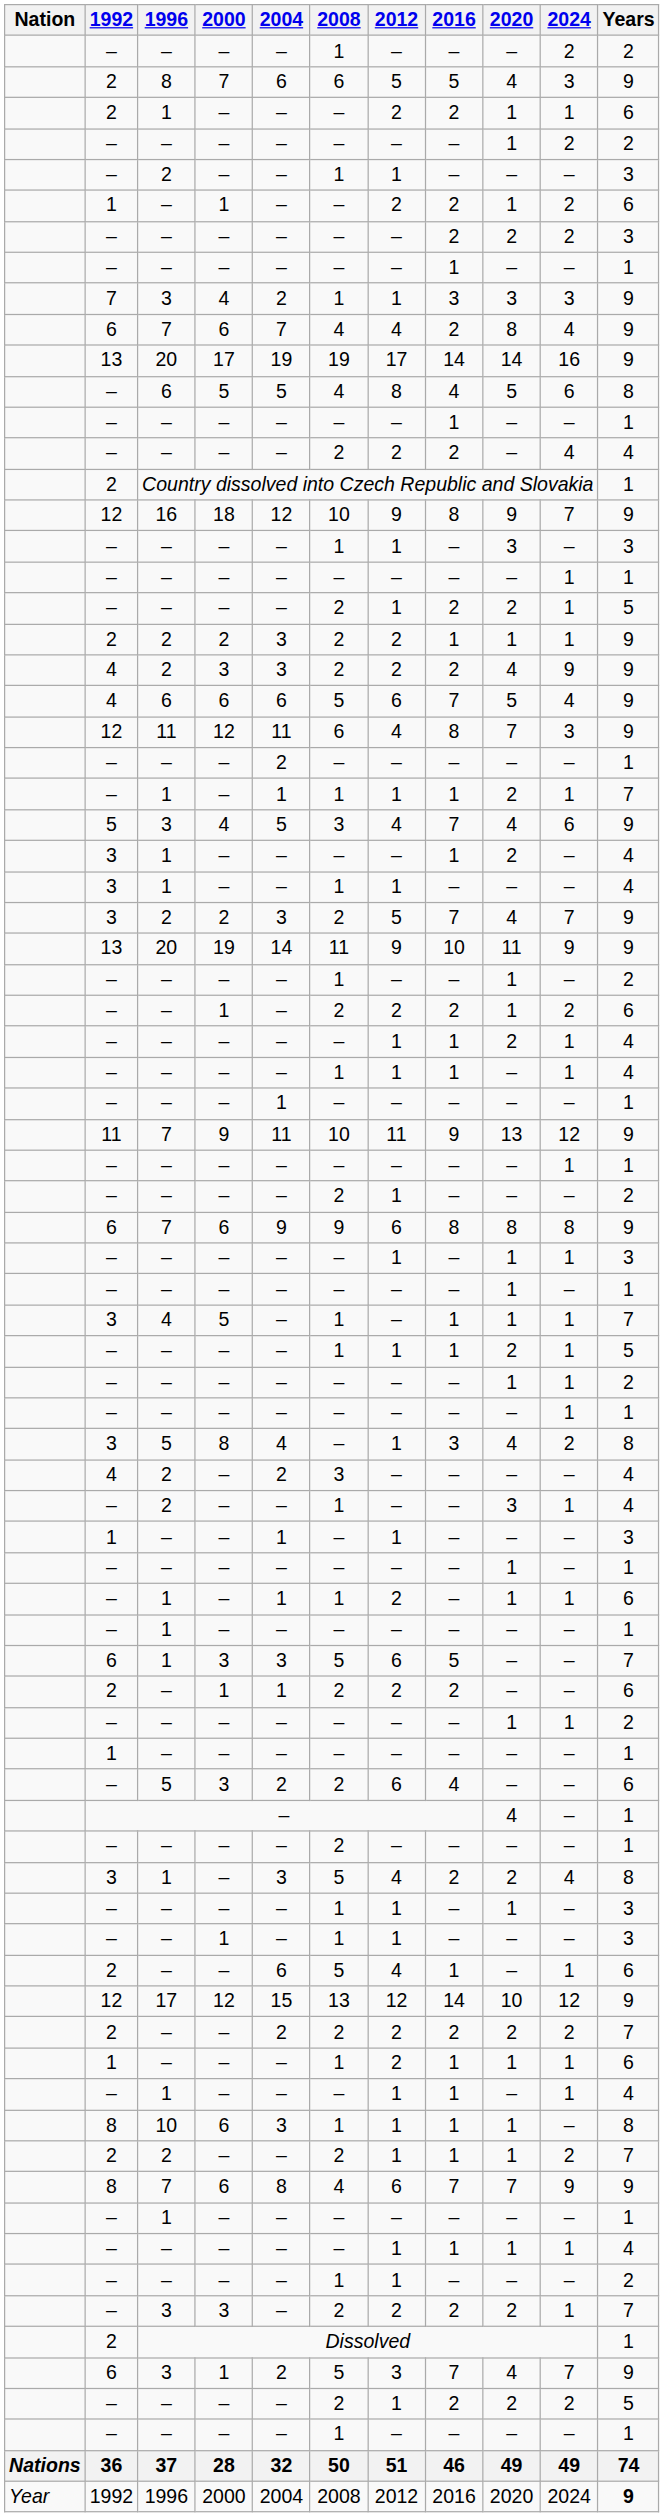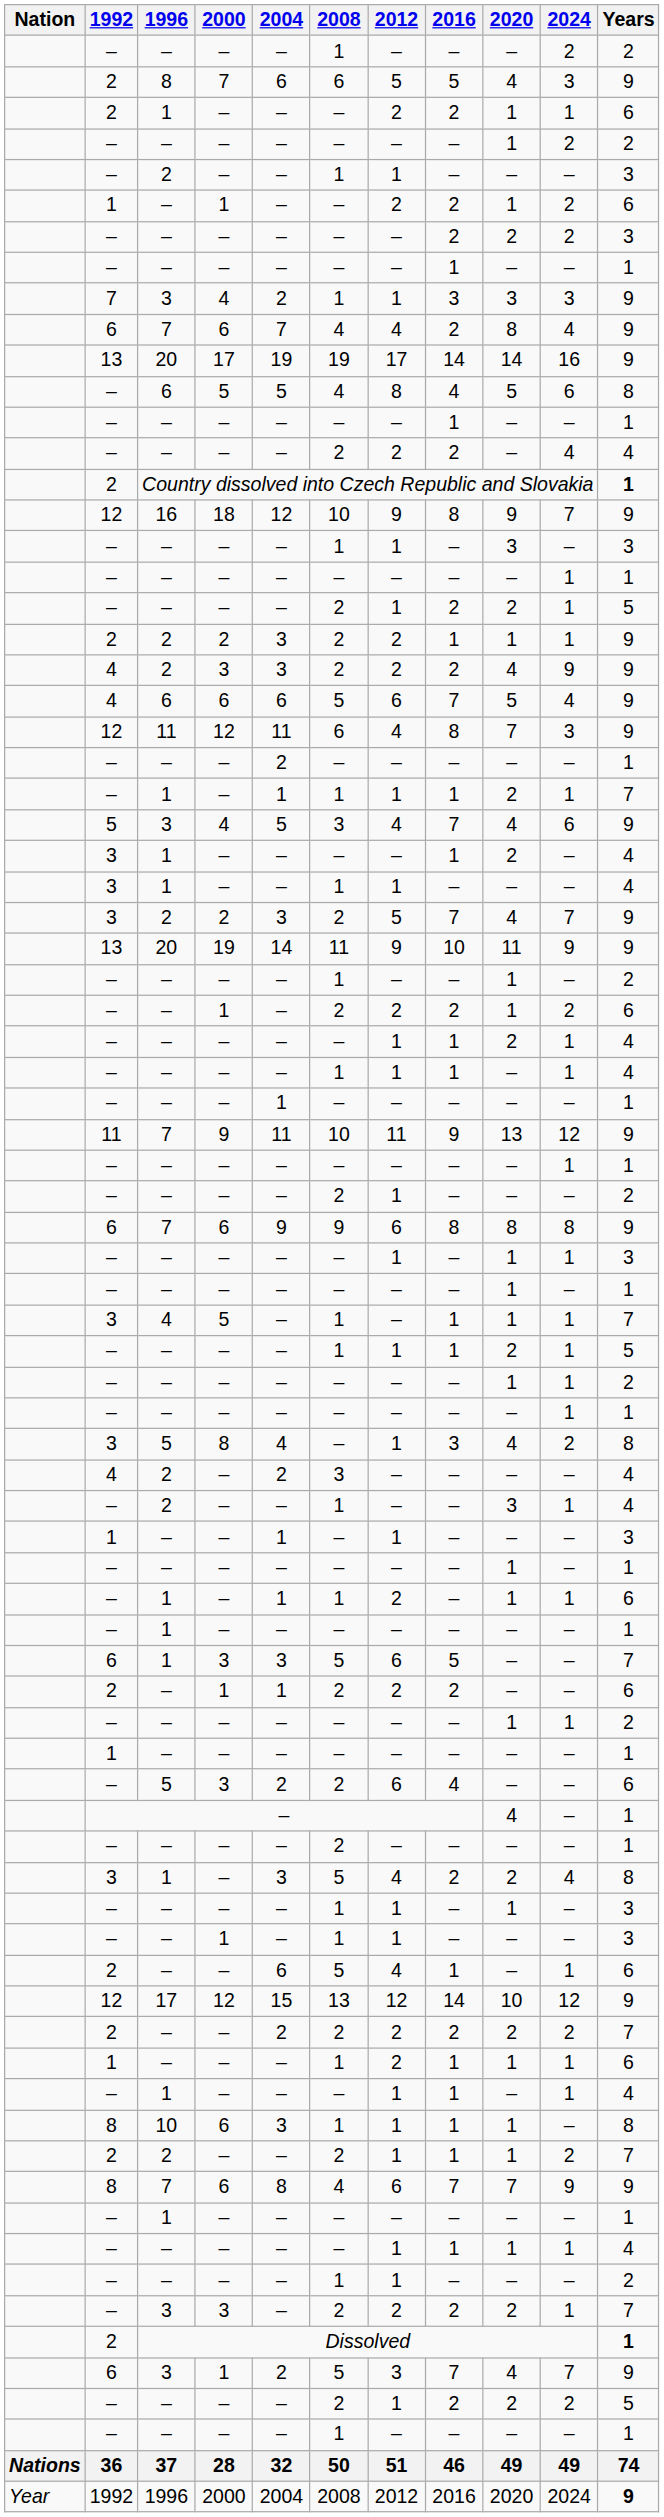 <table class="wikitable sortable" style="text-align:center;">
 <tr>
 <th>Nation</th>
 <th><a href='#'>1992</a></th>
 <th><a href='#'>1996</a></th>
 <th><a href='#'>2000</a></th>
 <th><a href='#'>2004</a></th>
 <th><a href='#'>2008</a></th>
 <th><a href='#'>2012</a></th>
 <th><a href='#'>2016</a></th>
 <th><a href='#'>2020</a></th>
 <th><a href='#'>2024</a></th>
 <th>Years</th>
 </tr>
 <tr>
 <td align=left></td>
 <td>–</td>
 <td>–</td>
 <td>–</td>
 <td>–</td>
 <td>1</td>
 <td>–</td>
 <td>–</td>
 <td>–</td>
 <td>2</td>
 <td>2</td>
 </tr>
 <tr>
 <td align=left></td>
 <td>2</td>
 <td>8</td>
 <td>7</td>
 <td>6</td>
 <td>6</td>
 <td>5</td>
 <td>5</td>
 <td>4</td>
 <td>3</td>
 <td>9</td>
 </tr>
 <tr>
 <td align=left></td>
 <td>2</td>
 <td>1</td>
 <td>–</td>
 <td>–</td>
 <td>–</td>
 <td>2</td>
 <td>2</td>
 <td>1</td>
 <td>1</td>
 <td>6</td>
 </tr>
 <tr>
 <td align=left></td>
 <td>–</td>
 <td>–</td>
 <td>–</td>
 <td>–</td>
 <td>–</td>
 <td>–</td>
 <td>–</td>
 <td>1</td>
 <td>2</td>
 <td>2</td>
 </tr>
 <tr>
 <td align=left></td>
 <td>–</td>
 <td>2</td>
 <td>–</td>
 <td>–</td>
 <td>1</td>
 <td>1</td>
 <td>–</td>
 <td>–</td>
 <td>–</td>
 <td>3</td>
 </tr>
 <tr>
 <td align=left></td>
 <td>1</td>
 <td>–</td>
 <td>1</td>
 <td>–</td>
 <td>–</td>
 <td>2</td>
 <td>2</td>
 <td>1</td>
 <td>2</td>
 <td>6</td>
 </tr>
 <tr>
 <td align=left></td>
 <td>–</td>
 <td>–</td>
 <td>–</td>
 <td>–</td>
 <td>–</td>
 <td>–</td>
 <td>2</td>
 <td>2</td>
 <td>2</td>
 <td>3</td>
 </tr>
 <tr>
 <td align=left></td>
 <td>–</td>
 <td>–</td>
 <td>–</td>
 <td>–</td>
 <td>–</td>
 <td>–</td>
 <td>1</td>
 <td>–</td>
 <td>–</td>
 <td>1</td>
 </tr>
 <tr>
 <td align=left></td>
 <td>7</td>
 <td>3</td>
 <td>4</td>
 <td>2</td>
 <td>1</td>
 <td>1</td>
 <td>3</td>
 <td>3</td>
 <td>3</td>
 <td>9</td>
 </tr>
 <tr>
 <td align=left></td>
 <td>6</td>
 <td>7</td>
 <td>6</td>
 <td>7</td>
 <td>4</td>
 <td>4</td>
 <td>2</td>
 <td>8</td>
 <td>4</td>
 <td>9</td>
 </tr>
 <tr>
 <td align=left></td>
 <td>13</td>
 <td>20</td>
 <td>17</td>
 <td>19</td>
 <td>19</td>
 <td>17</td>
 <td>14</td>
 <td>14</td>
 <td>16</td>
 <td>9</td>
 </tr>
 <tr>
 <td align=left></td>
 <td>–</td>
 <td>6</td>
 <td>5</td>
 <td>5</td>
 <td>4</td>
 <td>8</td>
 <td>4</td>
 <td>5</td>
 <td>6</td>
 <td>8</td>
 </tr>
 <tr>
 <td align=left></td>
 <td>–</td>
 <td>–</td>
 <td>–</td>
 <td>–</td>
 <td>–</td>
 <td>–</td>
 <td>1</td>
 <td>–</td>
 <td>–</td>
 <td>1</td>
 </tr>
 <tr>
 <td align=left></td>
 <td>–</td>
 <td>–</td>
 <td>–</td>
 <td>–</td>
 <td>2</td>
 <td>2</td>
 <td>2</td>
 <td>–</td>
 <td>4</td>
 <td>4</td>
 </tr>
 <tr>
 <td align=left></td>
 <td>2</td>
 <td colspan="8"><em>Country dissolved into Czech Republic and Slovakia</em></td>
-<td>1</td>
+<td><strong>1</strong></td>
 </tr>
 <tr>
 <td align=left></td>
 <td>12</td>
 <td>16</td>
 <td>18</td>
 <td>12</td>
 <td>10</td>
 <td>9</td>
 <td>8</td>
 <td>9</td>
 <td>7</td>
 <td>9</td>
 </tr>
 <tr>
 <td align=left></td>
 <td>–</td>
 <td>–</td>
 <td>–</td>
 <td>–</td>
 <td>1</td>
 <td>1</td>
 <td>–</td>
 <td>3</td>
 <td>–</td>
 <td>3</td>
 </tr>
 <tr>
 <td align=left></td>
 <td>–</td>
 <td>–</td>
 <td>–</td>
 <td>–</td>
 <td>–</td>
 <td>–</td>
 <td>–</td>
 <td>–</td>
 <td>1</td>
 <td>1</td>
 </tr>
 <tr>
 <td align=left></td>
 <td>–</td>
 <td>–</td>
 <td>–</td>
 <td>–</td>
 <td>2</td>
 <td>1</td>
 <td>2</td>
 <td>2</td>
 <td>1</td>
 <td>5</td>
 </tr>
 <tr>
 <td align=left></td>
 <td>2</td>
 <td>2</td>
 <td>2</td>
 <td>3</td>
 <td>2</td>
 <td>2</td>
 <td>1</td>
 <td>1</td>
 <td>1</td>
 <td>9</td>
 </tr>
 <tr>
 <td align=left></td>
 <td>4</td>
 <td>2</td>
 <td>3</td>
 <td>3</td>
 <td>2</td>
 <td>2</td>
 <td>2</td>
 <td>4</td>
 <td>9</td>
 <td>9</td>
 </tr>
 <tr>
 <td align=left></td>
 <td>4</td>
 <td>6</td>
 <td>6</td>
 <td>6</td>
 <td>5</td>
 <td>6</td>
 <td>7</td>
 <td>5</td>
 <td>4</td>
 <td>9</td>
 </tr>
 <tr>
 <td align=left></td>
 <td>12</td>
 <td>11</td>
 <td>12</td>
 <td>11</td>
 <td>6</td>
 <td>4</td>
 <td>8</td>
 <td>7</td>
 <td>3</td>
 <td>9</td>
 </tr>
 <tr>
 <td align=left></td>
 <td>–</td>
 <td>–</td>
 <td>–</td>
 <td>2</td>
 <td>–</td>
 <td>–</td>
 <td>–</td>
 <td>–</td>
 <td>–</td>
 <td>1</td>
 </tr>
 <tr>
 <td align=left></td>
 <td>–</td>
 <td>1</td>
 <td>–</td>
 <td>1</td>
 <td>1</td>
 <td>1</td>
 <td>1</td>
 <td>2</td>
 <td>1</td>
 <td>7</td>
 </tr>
 <tr>
 <td align=left></td>
 <td>5</td>
 <td>3</td>
 <td>4</td>
 <td>5</td>
 <td>3</td>
 <td>4</td>
 <td>7</td>
 <td>4</td>
 <td>6</td>
 <td>9</td>
 </tr>
 <tr>
 <td align=left></td>
 <td>3</td>
 <td>1</td>
 <td>–</td>
 <td>–</td>
 <td>–</td>
 <td>–</td>
 <td>1</td>
 <td>2</td>
 <td>–</td>
 <td>4</td>
 </tr>
 <tr>
 <td align=left></td>
 <td>3</td>
 <td>1</td>
 <td>–</td>
 <td>–</td>
 <td>1</td>
 <td>1</td>
 <td>–</td>
 <td>–</td>
 <td>–</td>
 <td>4</td>
 </tr>
 <tr>
 <td align=left></td>
 <td>3</td>
 <td>2</td>
 <td>2</td>
 <td>3</td>
 <td>2</td>
 <td>5</td>
 <td>7</td>
 <td>4</td>
 <td>7</td>
 <td>9</td>
 </tr>
 <tr>
 <td align=left></td>
 <td>13</td>
 <td>20</td>
 <td>19</td>
 <td>14</td>
 <td>11</td>
 <td>9</td>
 <td>10</td>
 <td>11</td>
 <td>9</td>
 <td>9</td>
 </tr>
 <tr>
 <td align=left></td>
 <td>–</td>
 <td>–</td>
 <td>–</td>
 <td>–</td>
 <td>1</td>
 <td>–</td>
 <td>–</td>
 <td>1</td>
 <td>–</td>
 <td>2</td>
 </tr>
 <tr>
 <td align=left></td>
 <td>–</td>
 <td>–</td>
 <td>1</td>
 <td>–</td>
 <td>2</td>
 <td>2</td>
 <td>2</td>
 <td>1</td>
 <td>2</td>
 <td>6</td>
 </tr>
 <tr>
 <td align=left></td>
 <td>–</td>
 <td>–</td>
 <td>–</td>
 <td>–</td>
 <td>–</td>
 <td>1</td>
 <td>1</td>
 <td>2</td>
 <td>1</td>
 <td>4</td>
 </tr>
 <tr>
 <td align=left></td>
 <td>–</td>
 <td>–</td>
 <td>–</td>
 <td>–</td>
 <td>1</td>
 <td>1</td>
 <td>1</td>
 <td>–</td>
 <td>1</td>
 <td>4</td>
 </tr>
 <tr>
 <td align=left></td>
 <td>–</td>
 <td>–</td>
 <td>–</td>
 <td>1</td>
 <td>–</td>
 <td>–</td>
 <td>–</td>
 <td>–</td>
 <td>–</td>
 <td>1</td>
 </tr>
 <tr>
 <td align=left></td>
 <td>11</td>
 <td>7</td>
 <td>9</td>
 <td>11</td>
 <td>10</td>
 <td>11</td>
 <td>9</td>
 <td>13</td>
 <td>12</td>
 <td>9</td>
 </tr>
 <tr>
 <td align=left></td>
 <td>–</td>
 <td>–</td>
 <td>–</td>
 <td>–</td>
 <td>–</td>
 <td>–</td>
 <td>–</td>
 <td>–</td>
 <td>1</td>
 <td>1</td>
 </tr>
 <tr>
 <td align=left></td>
 <td>–</td>
 <td>–</td>
 <td>–</td>
 <td>–</td>
 <td>2</td>
 <td>1</td>
 <td>–</td>
 <td>–</td>
 <td>–</td>
 <td>2</td>
 </tr>
 <tr>
 <td align=left></td>
 <td>6</td>
 <td>7</td>
 <td>6</td>
 <td>9</td>
 <td>9</td>
 <td>6</td>
 <td>8</td>
 <td>8</td>
 <td>8</td>
 <td>9</td>
 </tr>
 <tr>
 <td align=left></td>
 <td>–</td>
 <td>–</td>
 <td>–</td>
 <td>–</td>
 <td>–</td>
 <td>1</td>
 <td>–</td>
 <td>1</td>
 <td>1</td>
 <td>3</td>
 </tr>
 <tr>
 <td align=left></td>
 <td>–</td>
 <td>–</td>
 <td>–</td>
 <td>–</td>
 <td>–</td>
 <td>–</td>
 <td>–</td>
 <td>1</td>
 <td>–</td>
 <td>1</td>
 </tr>
 <tr>
 <td align=left></td>
 <td>3</td>
 <td>4</td>
 <td>5</td>
 <td>–</td>
 <td>1</td>
 <td>–</td>
 <td>1</td>
 <td>1</td>
 <td>1</td>
 <td>7</td>
 </tr>
 <tr>
 <td align=left></td>
 <td>–</td>
 <td>–</td>
 <td>–</td>
 <td>–</td>
 <td>1</td>
 <td>1</td>
 <td>1</td>
 <td>2</td>
 <td>1</td>
 <td>5</td>
 </tr>
 <tr>
 <td align=left></td>
 <td>–</td>
 <td>–</td>
 <td>–</td>
 <td>–</td>
 <td>–</td>
 <td>–</td>
 <td>–</td>
 <td>1</td>
 <td>1</td>
 <td>2</td>
 </tr>
 <tr>
 <td align=left></td>
 <td>–</td>
 <td>–</td>
 <td>–</td>
 <td>–</td>
 <td>–</td>
 <td>–</td>
 <td>–</td>
 <td>–</td>
 <td>1</td>
 <td>1</td>
 </tr>
 <tr>
 <td align=left></td>
 <td>3</td>
 <td>5</td>
 <td>8</td>
 <td>4</td>
 <td>–</td>
 <td>1</td>
 <td>3</td>
 <td>4</td>
 <td>2</td>
 <td>8</td>
 </tr>
 <tr>
 <td align=left></td>
 <td>4</td>
 <td>2</td>
 <td>–</td>
 <td>2</td>
 <td>3</td>
 <td>–</td>
 <td>–</td>
 <td>–</td>
 <td>–</td>
 <td>4</td>
 </tr>
 <tr>
 <td align=left></td>
 <td>–</td>
 <td>2</td>
 <td>–</td>
 <td>–</td>
 <td>1</td>
 <td>–</td>
 <td>–</td>
 <td>3</td>
 <td>1</td>
 <td>4</td>
 </tr>
 <tr>
 <td align=left></td>
 <td>1</td>
 <td>–</td>
 <td>–</td>
 <td>1</td>
 <td>–</td>
 <td>1</td>
 <td>–</td>
 <td>–</td>
 <td>–</td>
 <td>3</td>
 </tr>
 <tr>
 <td align=left></td>
 <td>–</td>
 <td>–</td>
 <td>–</td>
 <td>–</td>
 <td>–</td>
 <td>–</td>
 <td>–</td>
 <td>1</td>
 <td>–</td>
 <td>1</td>
 </tr>
 <tr>
 <td align=left></td>
 <td>–</td>
 <td>1</td>
 <td>–</td>
 <td>1</td>
 <td>1</td>
 <td>2</td>
 <td>–</td>
 <td>1</td>
 <td>1</td>
 <td>6</td>
 </tr>
 <tr>
 <td align=left></td>
 <td>–</td>
 <td>1</td>
 <td>–</td>
 <td>–</td>
 <td>–</td>
 <td>–</td>
 <td>–</td>
 <td>–</td>
 <td>–</td>
 <td>1</td>
 </tr>
 <tr>
 <td align=left></td>
 <td>6</td>
 <td>1</td>
 <td>3</td>
 <td>3</td>
 <td>5</td>
 <td>6</td>
 <td>5</td>
 <td>–</td>
 <td>–</td>
 <td>7</td>
 </tr>
 <tr>
 <td align=left></td>
 <td>2</td>
 <td>–</td>
 <td>1</td>
 <td>1</td>
 <td>2</td>
 <td>2</td>
 <td>2</td>
 <td>–</td>
 <td>–</td>
 <td>6</td>
 </tr>
 <tr>
 <td align=left></td>
 <td>–</td>
 <td>–</td>
 <td>–</td>
 <td>–</td>
 <td>–</td>
 <td>–</td>
 <td>–</td>
 <td>1</td>
 <td>1</td>
 <td>2</td>
 </tr>
 <tr>
 <td align=left></td>
 <td>1</td>
 <td>–</td>
 <td>–</td>
 <td>–</td>
 <td>–</td>
 <td>–</td>
 <td>–</td>
 <td>–</td>
 <td>–</td>
 <td>1</td>
 </tr>
 <tr>
 <td align=left></td>
 <td>–</td>
 <td>5</td>
 <td>3</td>
 <td>2</td>
 <td>2</td>
 <td>6</td>
 <td>4</td>
 <td>–</td>
 <td>–</td>
 <td>6</td>
 </tr>
 <tr>
 <td align=left></td>
 <td colspan=7>–</td>
 <td>4</td>
 <td>–</td>
 <td>1</td>
 </tr>
 <tr>
 <td align=left></td>
 <td>–</td>
 <td>–</td>
 <td>–</td>
 <td>–</td>
 <td>2</td>
 <td>–</td>
 <td>–</td>
 <td>–</td>
 <td>–</td>
 <td>1</td>
 </tr>
 <tr>
 <td align=left></td>
 <td>3</td>
 <td>1</td>
 <td>–</td>
 <td>3</td>
 <td>5</td>
 <td>4</td>
 <td>2</td>
 <td>2</td>
 <td>4</td>
 <td>8</td>
 </tr>
 <tr>
 <td align=left></td>
 <td>–</td>
 <td>–</td>
 <td>–</td>
 <td>–</td>
 <td>1</td>
 <td>1</td>
 <td>–</td>
 <td>1</td>
 <td>–</td>
 <td>3</td>
 </tr>
 <tr>
 <td align=left></td>
 <td>–</td>
 <td>–</td>
 <td>1</td>
 <td>–</td>
 <td>1</td>
 <td>1</td>
 <td>–</td>
 <td>–</td>
 <td>–</td>
 <td>3</td>
 </tr>
 <tr>
 <td align=left></td>
 <td>2</td>
 <td>–</td>
 <td>–</td>
 <td>6</td>
 <td>5</td>
 <td>4</td>
 <td>1</td>
 <td>–</td>
 <td>1</td>
 <td>6</td>
 </tr>
 <tr>
 <td align=left></td>
 <td>12</td>
 <td>17</td>
 <td>12</td>
 <td>15</td>
 <td>13</td>
 <td>12</td>
 <td>14</td>
 <td>10</td>
 <td>12</td>
 <td>9</td>
 </tr>
 <tr>
 <td align=left></td>
 <td>2</td>
 <td>–</td>
 <td>–</td>
 <td>2</td>
 <td>2</td>
 <td>2</td>
 <td>2</td>
 <td>2</td>
 <td>2</td>
 <td>7</td>
 </tr>
 <tr>
 <td align=left></td>
 <td>1</td>
 <td>–</td>
 <td>–</td>
 <td>–</td>
 <td>1</td>
 <td>2</td>
 <td>1</td>
 <td>1</td>
 <td>1</td>
 <td>6</td>
 </tr>
 <tr>
 <td align=left></td>
 <td>–</td>
 <td>1</td>
 <td>–</td>
 <td>–</td>
 <td>–</td>
 <td>1</td>
 <td>1</td>
 <td>–</td>
 <td>1</td>
 <td>4</td>
 </tr>
 <tr>
 <td align=left></td>
 <td>8</td>
 <td>10</td>
 <td>6</td>
 <td>3</td>
 <td>1</td>
 <td>1</td>
 <td>1</td>
 <td>1</td>
 <td>–</td>
 <td>8</td>
 </tr>
 <tr>
 <td align=left></td>
 <td>2</td>
 <td>2</td>
 <td>–</td>
 <td>–</td>
 <td>2</td>
 <td>1</td>
 <td>1</td>
 <td>1</td>
 <td>2</td>
 <td>7</td>
 </tr>
 <tr>
 <td align=left></td>
 <td>8</td>
 <td>7</td>
 <td>6</td>
 <td>8</td>
 <td>4</td>
 <td>6</td>
 <td>7</td>
 <td>7</td>
 <td>9</td>
 <td>9</td>
 </tr>
 <tr>
 <td align=left></td>
 <td>–</td>
 <td>1</td>
 <td>–</td>
 <td>–</td>
 <td>–</td>
 <td>–</td>
 <td>–</td>
 <td>–</td>
 <td>–</td>
 <td>1</td>
 </tr>
 <tr>
 <td align=left></td>
 <td>–</td>
 <td>–</td>
 <td>–</td>
 <td>–</td>
 <td>–</td>
 <td>1</td>
 <td>1</td>
 <td>1</td>
 <td>1</td>
 <td>4</td>
 </tr>
 <tr>
 <td align=left></td>
 <td>–</td>
 <td>–</td>
 <td>–</td>
 <td>–</td>
 <td>1</td>
 <td>1</td>
 <td>–</td>
 <td>–</td>
 <td>–</td>
 <td>2</td>
 </tr>
 <tr>
 <td align=left></td>
 <td>–</td>
 <td>3</td>
 <td>3</td>
 <td>–</td>
 <td>2</td>
 <td>2</td>
 <td>2</td>
 <td>2</td>
 <td>1</td>
 <td>7</td>
 </tr>
 <tr>
 <td align=left></td>
 <td>2</td>
 <td colspan="8"><em>Dissolved</em></td>
-<td>1</td>
+<td><strong>1</strong></td>
 </tr>
 <tr>
 <td align=left></td>
 <td>6</td>
 <td>3</td>
 <td>1</td>
 <td>2</td>
 <td>5</td>
 <td>3</td>
 <td>7</td>
 <td>4</td>
 <td>7</td>
 <td>9</td>
 </tr>
 <tr>
 <td align=left></td>
 <td>–</td>
 <td>–</td>
 <td>–</td>
 <td>–</td>
 <td>2</td>
 <td>1</td>
 <td>2</td>
 <td>2</td>
 <td>2</td>
 <td>5</td>
 </tr>
 <tr>
 <td align=left></td>
 <td>–</td>
 <td>–</td>
 <td>–</td>
 <td>–</td>
 <td>1</td>
 <td>–</td>
 <td>–</td>
 <td>–</td>
 <td>–</td>
 <td>1</td>
 </tr>
 <tr class="sortbottom">
 <th><em>Nations</em></th>
 <th>36</th>
 <th>37</th>
 <th>28</th>
 <th>32</th>
 <th>50</th>
 <th>51</th>
 <th>46</th>
 <th>49</th>
 <th>49</th>
 <th>74</th>
 </tr>
 <tr class="sortbottom">
 <td align=left><em>Year</em></td>
 <td>1992</td>
 <td>1996</td>
 <td>2000</td>
 <td>2004</td>
 <td>2008</td>
 <td>2012</td>
 <td>2016</td>
 <td>2020</td>
 <td>2024</td>
 <td><strong>9</strong></td>
 </tr>
 </table>
